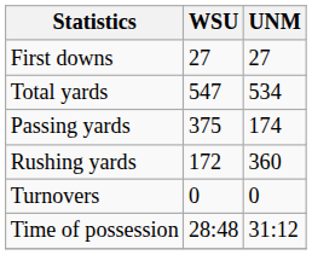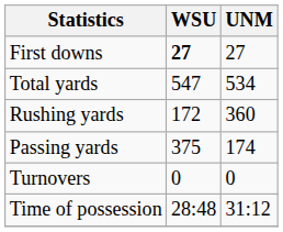 <table class="wikitable" style="float: left;">
 <tr>
 <th>Statistics</th>
 <th>WSU</th>
 <th>UNM</th>
 </tr>
 <tr>
 <td>First downs</td>
-<td>27</td>
+<td><strong>27</strong></td>
 <td>27</td>
 </tr>
 <tr>
 <td>Total yards</td>
 <td>547</td>
 <td>534</td>
 </tr>
 <tr>
+<td>Rushing yards</td>
+<td>172</td>
+<td>360</td>
+</tr>
+<tr>
 <td>Passing yards</td>
 <td>375</td>
 <td>174</td>
-</tr>
-<tr>
-<td>Rushing yards</td>
-<td>172</td>
-<td>360</td>
 </tr>
 <tr>
 <td>Turnovers</td>
 <td>0</td>
 <td>0</td>
 </tr>
 <tr>
 <td>Time of possession</td>
 <td>28:48</td>
 <td>31:12</td>
 </tr>
 <tr>
 </tr>
 </table>
